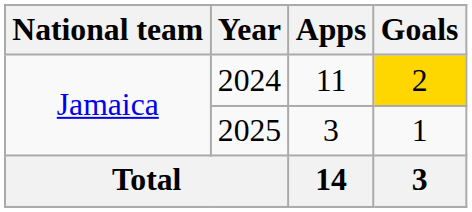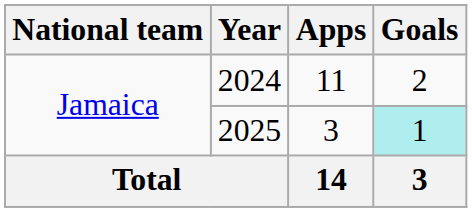 <table class="wikitable" style="text-align:center">
 <tr>
 <th>National team</th>
 <th>Year</th>
 <th>Apps</th>
 <th>Goals</th>
 </tr>
 <tr>
 <td rowspan="2"><a href='#'>Jamaica</a></td>
 <td>2024</td>
 <td>11</td>
-<td style="background: gold;">2</td>
+<td>2</td>
 </tr>
 <tr>
 <td>2025</td>
 <td>3</td>
-<td>1</td>
+<td style="background: paleturquoise;">1</td>
 </tr>
 <tr>
 <th colspan="2">Total</th>
 <th>14</th>
 <th>3</th>
 </tr>
 </table>
